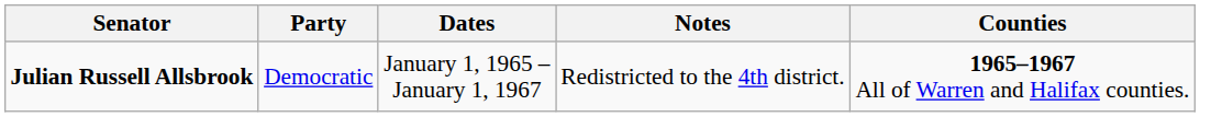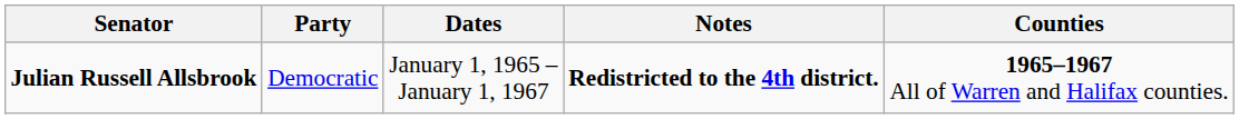 <table class=wikitable style="text-align:center">
 <tr>
 <th>Senator</th>
 <th>Party</th>
 <th>Dates</th>
 <th>Notes</th>
 <th>Counties</th>
 </tr>
 <tr style="height:3em">
 <td align=left><strong>Julian Russell Allsbrook</strong></td>
 <td><a href='#'>Democratic</a></td>
 <td nowrap>January 1, 1965 – <br> January 1, 1967</td>
-<td>Redistricted to the <a href='#'>4th</a> district.</td>
+<td><strong>Redistricted to the <a href='#'>4th</a> district.</strong></td>
 <td rowspan=2><strong>1965–1967</strong><br> All of <a href='#'>Warren</a> and <a href='#'>Halifax</a> counties.</td>
 </tr>
 </table>
